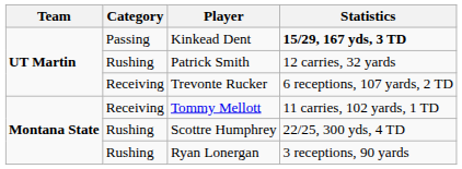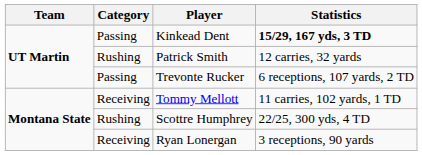 <table class="wikitable" style="float: right;">
 <tr>
 <th>Team</th>
 <th>Category</th>
 <th>Player</th>
 <th>Statistics</th>
 </tr>
 <tr>
 <td rowspan=3><strong>UT Martin</strong></td>
 <td>Passing</td>
 <td>Kinkead Dent</td>
 <td><strong>15/29, 167 yds, 3 TD</strong></td>
 </tr>
 <tr>
 <td>Rushing</td>
 <td>Patrick Smith</td>
 <td>12 carries, 32 yards</td>
 </tr>
 <tr>
-<td>Receiving</td>
+<td>Passing</td>
 <td>Trevonte Rucker</td>
 <td>6 receptions, 107 yards, 2 TD</td>
 </tr>
 <tr>
 <td rowspan=3><strong>Montana State</strong></td>
 <td>Receiving</td>
 <td><a href='#'>Tommy Mellott</a></td>
 <td>11 carries, 102 yards, 1 TD</td>
 </tr>
 <tr>
 <td>Rushing</td>
 <td>Scottre Humphrey</td>
 <td>22/25, 300 yds, 4 TD</td>
 </tr>
 <tr>
-<td>Rushing</td>
+<td>Receiving</td>
 <td>Ryan Lonergan</td>
 <td>3 receptions, 90 yards</td>
 </tr>
 </table>
